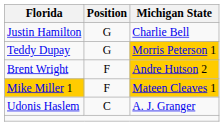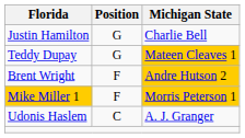 <table class="wikitable">
 <tr>
 <th>Florida</th>
 <th colspan="2">Position</th>
 <th>Michigan State</th>
 </tr>
 <tr>
 <td><a href='#'>Justin Hamilton</a></td>
 <td colspan=2 style="text-align:center">G</td>
 <td><a href='#'>Charlie Bell</a></td>
 </tr>
 <tr>
 <td><a href='#'>Teddy Dupay</a></td>
 <td colspan=2 style="text-align:center">G</td>
-<td style="background:#ffcc00"><a href='#'>Morris Peterson</a> 1</td>
+<td style="background:#ffcc00"><a href='#'>Mateen Cleaves</a> 1</td>
 </tr>
 <tr>
 <td><a href='#'>Brent Wright</a></td>
 <td colspan=2 style="text-align:center">F</td>
 <td style="background:#ffcc00"><a href='#'>Andre Hutson</a> 2</td>
 </tr>
 <tr>
 <td style="background:#ffcc00"><a href='#'>Mike Miller</a> 1</td>
 <td colspan=2 style="text-align:center">F</td>
-<td style="background:#ffcc00"><a href='#'>Mateen Cleaves</a> 1</td>
+<td style="background:#ffcc00"><a href='#'>Morris Peterson</a> 1</td>
 </tr>
 <tr>
 <td><a href='#'>Udonis Haslem</a></td>
 <td colspan=2 style="text-align:center">C</td>
 <td><a href='#'>A. J. Granger</a><br></td>
 </tr>
 <tr>
 <td colspan="5" align=center></td>
 </tr>
 </table>
